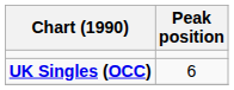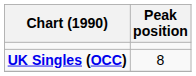 <table class="wikitable">
 <tr>
 <th align="left">Chart (1990)</th>
 <th align="center">Peak<br>position</th>
 </tr>
 <tr>
 <td></td>
 </tr>
 <tr>
 <td><strong><a href='#'>UK Singles</a> (<a href='#'>OCC</a>)</strong></td>
-<td style="text-align:center;">6</td>
+<td style="text-align:center;">8</td>
 </tr>
 <tr>
 </tr>
 </table>
